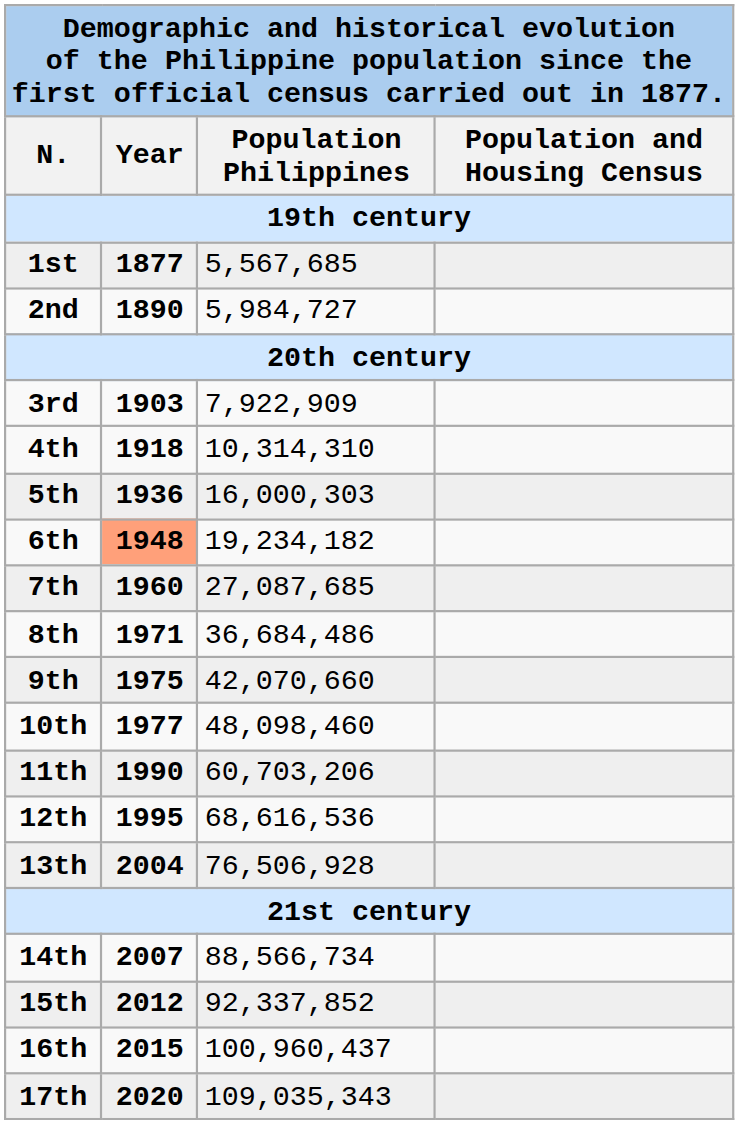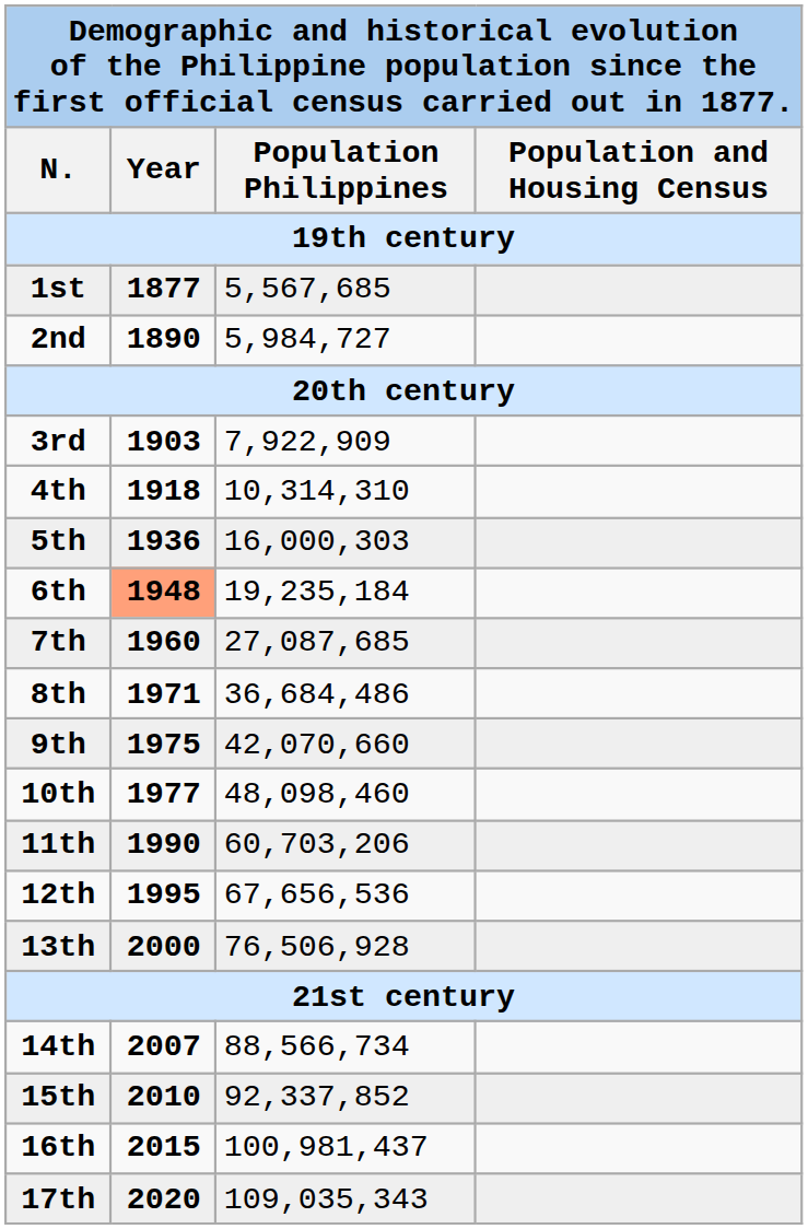 <table class="wikitable">
 <tr>
 <th colspan= "4" style="text-align:center; background:#abcdef;">Demographic and historical evolution <br>of the Philippine population since the <br> first official census carried out in 1877.</th>
 </tr>
 <tr>
 <th>N.</th>
 <th>Year</th>
 <th>Population<br>Philippines</th>
 <th>Population and <br> Housing Census</th>
 </tr>
 <tr align="center">
 <td colspan="4" style="background:#D0E7FF"><strong>19th century</strong></td>
 </tr>
 <tr align="center" style="background:#efefef; color:black">
 <td><strong>1st</strong></td>
 <td><strong>1877</strong></td>
 <td align="left"> 5,567,685</td>
 <td></td>
 </tr>
 <tr align="center">
 <td><strong>2nd</strong></td>
 <td><strong>1890</strong></td>
 <td align="left"> 5,984,727</td>
 <td></td>
 </tr>
 <tr align="center" style="background:#efefef; color:black">
 <td colspan="4" style="background:#D0E7FF"><strong>20th century</strong></td>
 </tr>
 <tr align="center">
 <td><strong>3rd</strong></td>
 <td><strong>1903</strong></td>
 <td align="left"> 7,922,909</td>
 <td></td>
 </tr>
 <tr align="center">
 <td><strong>4th</strong></td>
 <td><strong>1918</strong></td>
 <td align="left"> 10,314,310</td>
 <td></td>
 </tr>
 <tr align="center" style="background:#efefef; color:black">
 <td><strong>5th</strong></td>
 <td><strong>1936</strong></td>
 <td align="left"> 16,000,303</td>
 <td></td>
 </tr>
 <tr align="center">
 <td><strong>6th</strong></td>
 <td style="background: lightsalmon;"><strong>1948</strong></td>
-<td align="left"> 19,234,182</td>
+<td align="left"> 19,235,184</td>
 <td></td>
 </tr>
 <tr align="center" style="background:#efefef; color:black">
 <td><strong>7th</strong></td>
 <td><strong>1960</strong></td>
 <td align="left"> 27,087,685</td>
 <td></td>
 </tr>
 <tr align="center">
 <td><strong>8th</strong></td>
 <td><strong>1971</strong></td>
 <td align="left"> 36,684,486</td>
 <td></td>
 </tr>
 <tr align="center" style="background:#efefef; color:black">
 <td><strong>9th</strong></td>
 <td><strong>1975</strong></td>
 <td align="left"> 42,070,660</td>
 <td></td>
 </tr>
 <tr align="center">
 <td><strong>10th</strong></td>
 <td><strong>1977</strong></td>
 <td align="left"> 48,098,460</td>
 <td></td>
 </tr>
 <tr align="center" style="background:#efefef; color:black">
 <td><strong>11th</strong></td>
 <td><strong>1990</strong></td>
 <td align="left"> 60,703,206</td>
 <td></td>
 </tr>
 <tr align="center">
 <td><strong>12th</strong></td>
 <td><strong>1995</strong></td>
-<td align="left"> 68,616,536</td>
+<td align="left"> 67,656,536</td>
 <td></td>
 </tr>
 <tr align="center" style="background:#efefef; color:black">
 <td><strong>13th</strong></td>
-<td><strong>2004</strong></td>
+<td><strong>2000</strong></td>
 <td align="left"> 76,506,928</td>
 <td></td>
 </tr>
 <tr align="center">
 <td colspan="4" style="background:#D0E7FF"><strong>21st century</strong></td>
 </tr>
 <tr align="center">
 <td><strong>14th</strong></td>
 <td><strong>2007</strong></td>
 <td align="left"> 88,566,734</td>
 <td></td>
 </tr>
 <tr align="center" style="background:#efefef; color:black">
 <td><strong>15th</strong></td>
-<td><strong>2012</strong></td>
+<td><strong>2010</strong></td>
 <td align="left"> 92,337,852</td>
 <td></td>
 </tr>
 <tr align="center">
 <td><strong>16th</strong></td>
 <td><strong>2015</strong></td>
-<td align="left"> 100,960,437</td>
+<td align="left"> 100,981,437</td>
 <td></td>
 </tr>
 <tr align="center" style="background:#efefef; color:black">
 <td><strong>17th</strong></td>
 <td><strong>2020</strong></td>
 <td align="left"> 109,035,343</td>
 <td></td>
 </tr>
 </table>
